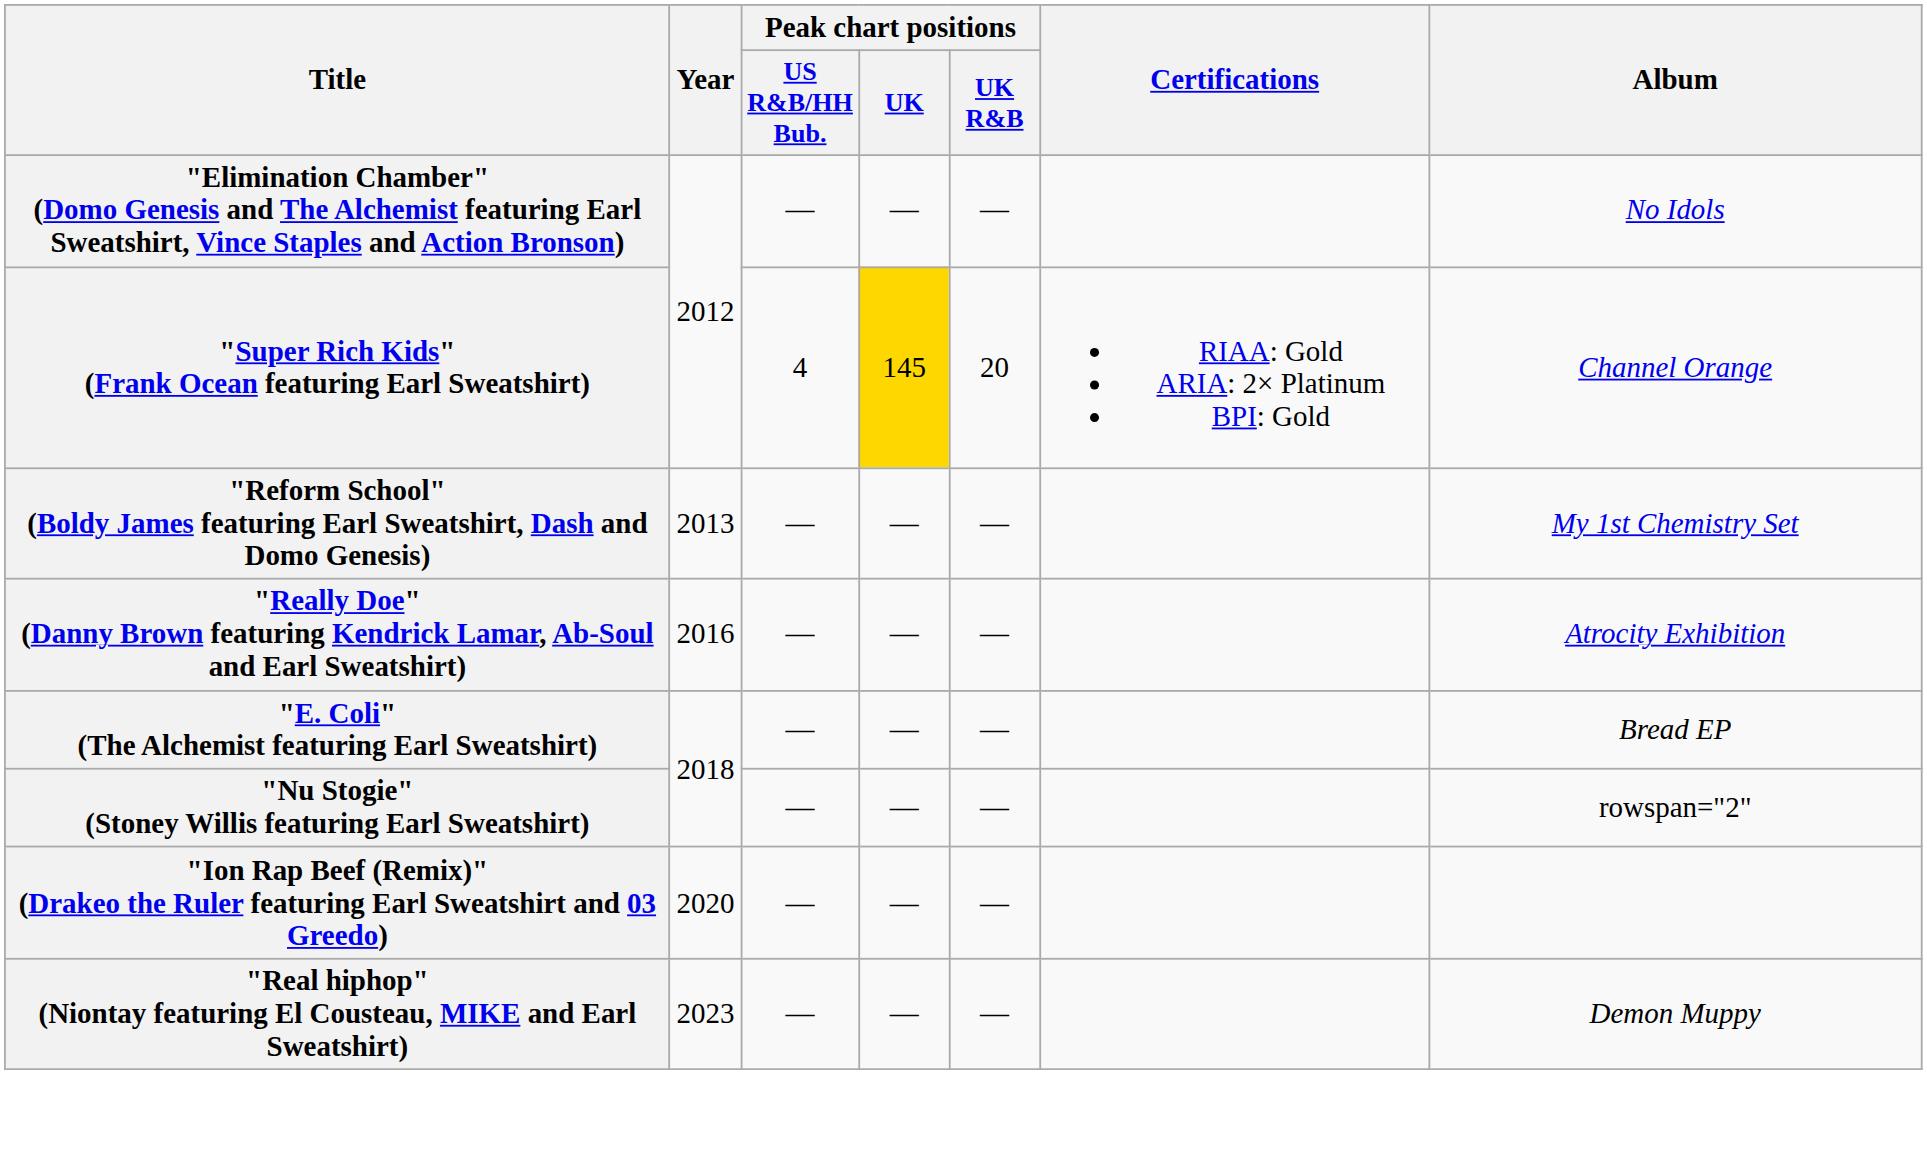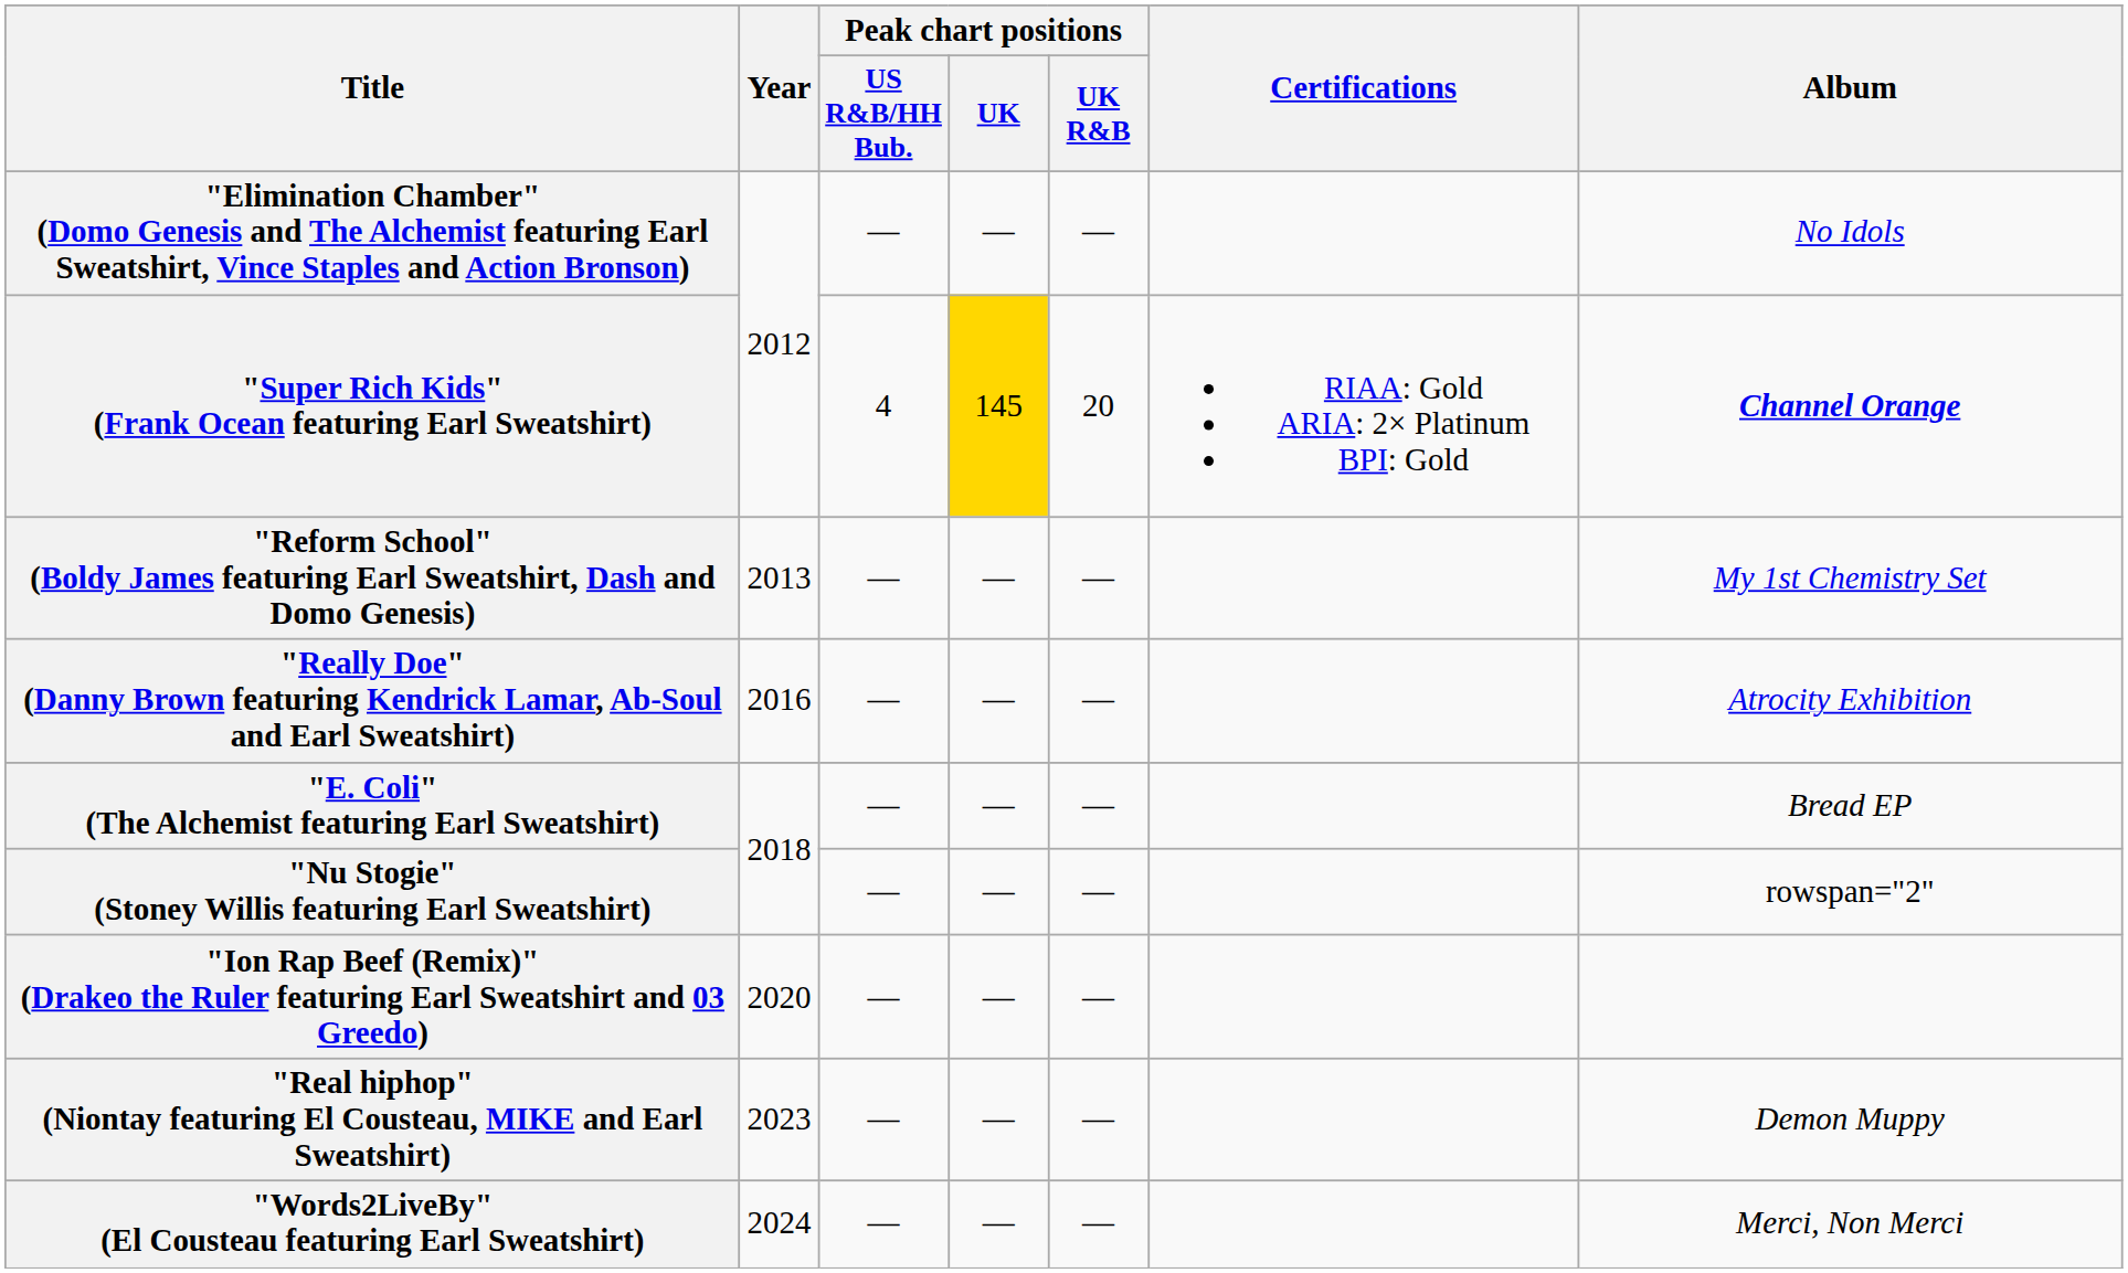 <table class="wikitable plainrowheaders" style="text-align:center;">
 <tr>
 <th scope="col" rowspan="2" style="width:22.5em;">Title</th>
 <th scope="col" rowspan="2" style="width:1em;">Year</th>
 <th scope="col" colspan="3">Peak chart positions</th>
 <th scope="col" rowspan="2" style="width:13em;"><a href='#'>Certifications</a></th>
 <th scope="col" rowspan="2" style="width:16.5em;">Album</th>
 </tr>
 <tr>
 <th scope="col" style="width:3em;font-size:90%;"><a href='#'>US<br>R&B/HH<br>Bub.</a><br></th>
 <th scope="col" style="width:3em;font-size:90%;"><a href='#'>UK</a><br></th>
 <th scope="col" style="width:3em;font-size:90%;"><a href='#'>UK<br>R&B</a><br></th>
 </tr>
 <tr>
 <th scope="row">"Elimination Chamber"<br><span>(<a href='#'>Domo Genesis</a> and <a href='#'>The Alchemist</a> featuring Earl Sweatshirt, <a href='#'>Vince Staples</a> and <a href='#'>Action Bronson</a>)</span></th>
 <td rowspan="2">2012</td>
 <td>—</td>
 <td>—</td>
 <td>—</td>
 <td></td>
 <td><em><a href='#'>No Idols</a></em></td>
 </tr>
 <tr>
 <th scope="row">"<a href='#'>Super Rich Kids</a>"<br><span>(<a href='#'>Frank Ocean</a> featuring Earl Sweatshirt)</span></th>
 <td>4</td>
 <td style="background: gold;">145</td>
 <td>20</td>
 <td><br><ul><li><a href='#'>RIAA</a>: Gold</li><li><a href='#'>ARIA</a>: 2× Platinum</li><li><a href='#'>BPI</a>: Gold</li></ul></td>
-<td><em><a href='#'>Channel Orange</a></em></td>
+<td><strong><em><a href='#'>Channel Orange</a></em></strong></td>
 </tr>
 <tr>
 <th scope="row">"Reform School"<br><span>(<a href='#'>Boldy James</a> featuring Earl Sweatshirt, <a href='#'>Dash</a> and Domo Genesis)</span></th>
 <td>2013</td>
 <td>—</td>
 <td>—</td>
 <td>—</td>
 <td></td>
 <td><em><a href='#'>My 1st Chemistry Set</a></em></td>
 </tr>
 <tr>
 <th scope="row">"<a href='#'>Really Doe</a>"<br><span>(<a href='#'>Danny Brown</a> featuring <a href='#'>Kendrick Lamar</a>, <a href='#'>Ab-Soul</a> and Earl Sweatshirt)</span></th>
 <td>2016</td>
 <td>—</td>
 <td>—</td>
 <td>—</td>
 <td></td>
 <td><em><a href='#'>Atrocity Exhibition</a></em></td>
 </tr>
 <tr>
 <th scope="row">"<a href='#'>E. Coli</a>"<br><span>(The Alchemist featuring Earl Sweatshirt)</span></th>
 <td rowspan="2">2018</td>
 <td>—</td>
 <td>—</td>
 <td>—</td>
 <td></td>
 <td><em>Bread EP</em></td>
 </tr>
 <tr>
 <th scope="row">"Nu Stogie"<br><span>(Stoney Willis featuring Earl Sweatshirt)</span></th>
 <td>—</td>
 <td>—</td>
 <td>—</td>
 <td></td>
 <td>rowspan="2" </td>
 </tr>
 <tr>
 <th scope="row">"Ion Rap Beef (Remix)"<br><span>(<a href='#'>Drakeo the Ruler</a> featuring Earl Sweatshirt and <a href='#'>03 Greedo</a>)</span></th>
 <td rowspan="1">2020</td>
 <td>—</td>
 <td>—</td>
 <td>—</td>
 <td></td>
 </tr>
 <tr>
 <th scope="row">"Real hiphop"<br><span>(Niontay featuring El Cousteau, <a href='#'>MIKE</a> and Earl Sweatshirt)</span></th>
 <td>2023</td>
 <td>—</td>
 <td>—</td>
 <td>—</td>
 <td></td>
 <td><em>Demon Muppy</em></td>
 </tr>
+<tr>
+<th scope="row">"Words2LiveBy"<br><span>(El Cousteau featuring Earl Sweatshirt)</span></th>
+<td>2024</td>
+<td>—</td>
+<td>—</td>
+<td>—</td>
+<td></td>
+<td><em>Merci, Non Merci</em></td>
+</tr>
 </table>
